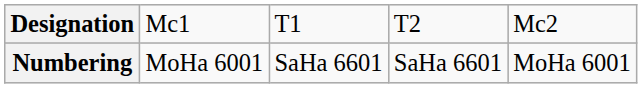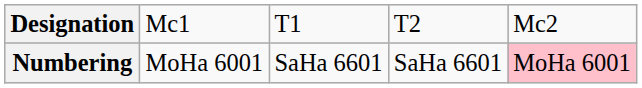 <table class="wikitable">
 <tr>
 <th>Designation</th>
 <td>Mc1</td>
 <td>T1</td>
 <td>T2</td>
 <td>Mc2</td>
 </tr>
 <tr>
 <th>Numbering</th>
 <td>MoHa 6001</td>
 <td>SaHa 6601</td>
 <td>SaHa 6601</td>
-<td>MoHa 6001</td>
+<td style="background: pink;">MoHa 6001</td>
 </tr>
 </table>
